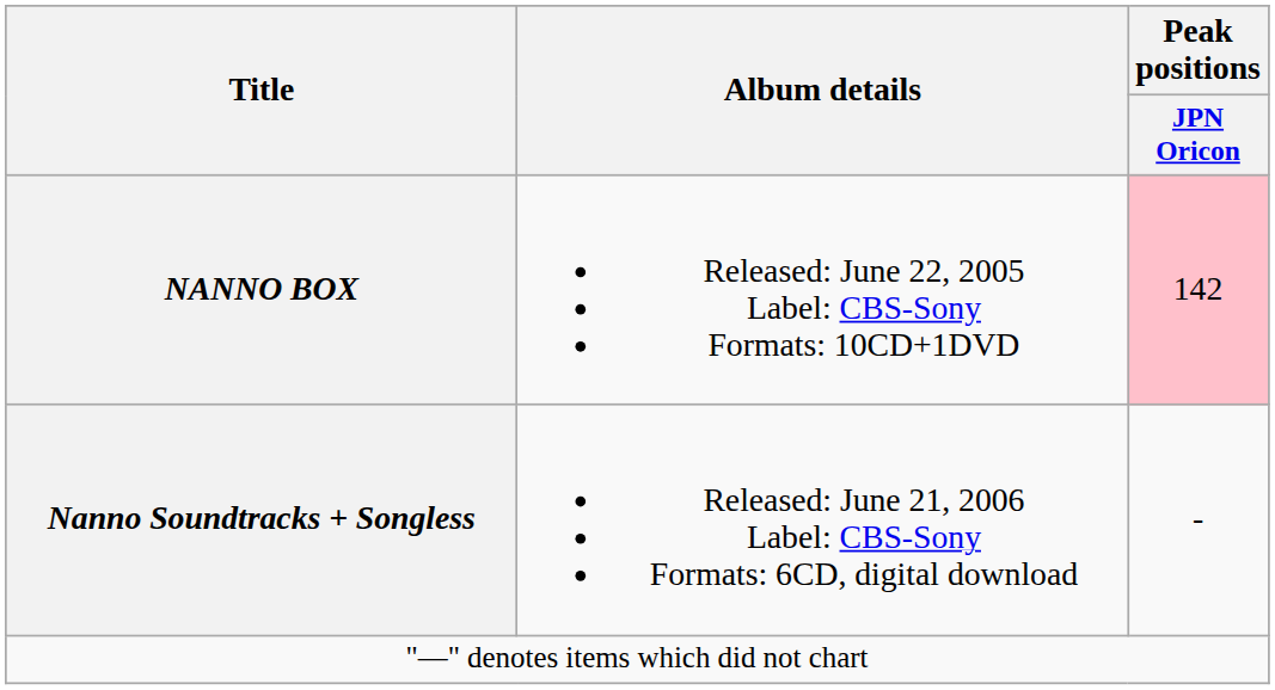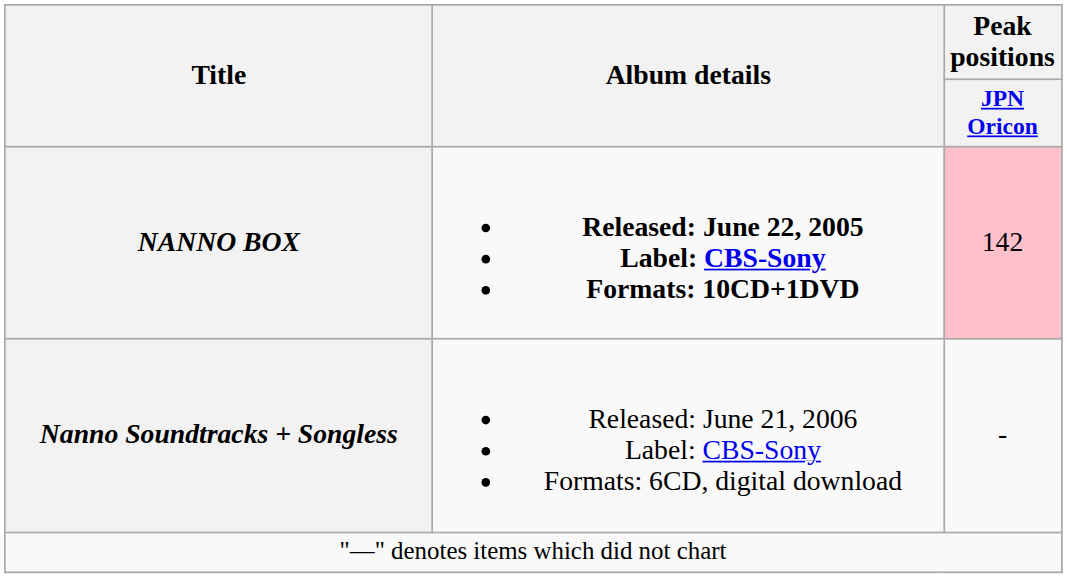 <table class="wikitable plainrowheaders" style="text-align:center;">
 <tr>
 <th style="width:15em;" rowspan="2">Title</th>
 <th style="width:18em;" rowspan="2">Album details</th>
 <th colspan="1">Peak positions</th>
 </tr>
 <tr>
 <th style="width:3em;font-size:85%"><a href='#'>JPN<br>Oricon</a><br></th>
 </tr>
 <tr>
 <th scope="row"><em>NANNO BOX</em></th>
-<td><br><ul><li>Released: June 22, 2005</li><li>Label: <a href='#'>CBS-Sony</a></li><li>Formats: 10CD+1DVD</li></ul></td>
+<td><strong><br><ul><li>Released: June 22, 2005</li><li>Label: <a href='#'>CBS-Sony</a></li><li>Formats: 10CD+1DVD</li></ul></strong></td>
 <td style="background: pink;">142</td>
 </tr>
 <tr>
 <th scope="row"><em>Nanno Soundtracks + Songless</em></th>
 <td><br><ul><li>Released: June 21, 2006</li><li>Label: <a href='#'>CBS-Sony</a></li><li>Formats: 6CD, digital download</li></ul></td>
 <td>-</td>
 </tr>
 <tr>
 <td colspan="11" align="center" style="font-size:90%;">"—" denotes items which did not chart</td>
 </tr>
 </table>
